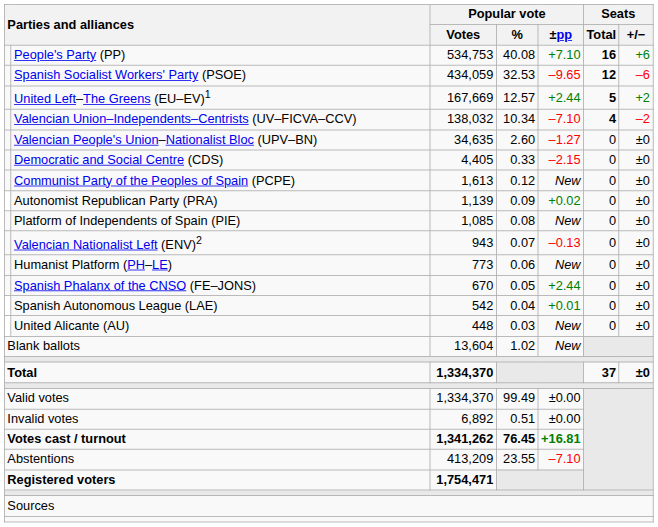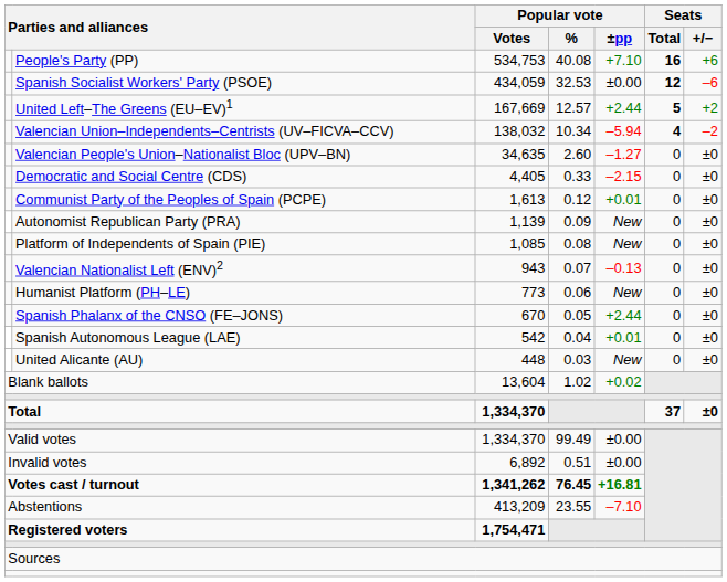 <table class="wikitable" style="text-align:right;">
 <tr>
 <th style="text-align:left;" rowspan="2" colspan="2" width="525">Parties and alliances</th>
 <th colspan="3">Popular vote</th>
 <th colspan="2">Seats</th>
 </tr>
 <tr>
 <th width="75">Votes</th>
 <th width="45">%</th>
 <th width="45">±<a href='#'>pp</a></th>
 <th width="35">Total</th>
 <th width="35">+/−</th>
 </tr>
 <tr>
 <td width="1" style="color:inherit;background:"></td>
 <td align="left"><a href='#'>People's Party</a> (PP)</td>
 <td>534,753</td>
 <td>40.08</td>
 <td style="color:green;">+7.10</td>
 <td><strong>16</strong></td>
 <td style="color:green;">+6</td>
 </tr>
 <tr>
 <td style="color:inherit;background:"></td>
 <td align="left"><a href='#'>Spanish Socialist Workers' Party</a> (PSOE)</td>
 <td>434,059</td>
 <td>32.53</td>
-<td style="color:red;">–9.65</td>
+<td>±0.00</td>
 <td><strong>12</strong></td>
 <td style="color:red;">–6</td>
 </tr>
 <tr>
 <td style="color:inherit;background:"></td>
 <td align="left"><a href='#'>United Left</a>–<a href='#'>The Greens</a> (EU–EV)<sup>1</sup></td>
 <td>167,669</td>
 <td>12.57</td>
 <td style="color:green;">+2.44</td>
 <td><strong>5</strong></td>
 <td style="color:green;">+2</td>
 </tr>
 <tr>
 <td style="color:inherit;background:"></td>
 <td align="left"><a href='#'>Valencian Union–Independents–Centrists</a> (UV–FICVA–CCV)</td>
 <td>138,032</td>
 <td>10.34</td>
-<td style="color:red;">–7.10</td>
+<td style="color:red;">–5.94</td>
 <td><strong>4</strong></td>
 <td style="color:red;">–2</td>
 </tr>
 <tr>
 <td style="color:inherit;background:"></td>
 <td align="left"><a href='#'>Valencian People's Union</a>–<a href='#'>Nationalist Bloc</a> (UPV–BN)</td>
 <td>34,635</td>
 <td>2.60</td>
 <td style="color:red;">–1.27</td>
 <td>0</td>
 <td>±0</td>
 </tr>
 <tr>
 <td style="color:inherit;background:"></td>
 <td align="left"><a href='#'>Democratic and Social Centre</a> (CDS)</td>
 <td>4,405</td>
 <td>0.33</td>
 <td style="color:red;">–2.15</td>
 <td>0</td>
 <td>±0</td>
 </tr>
 <tr>
 <td style="color:inherit;background:"></td>
 <td align="left"><a href='#'>Communist Party of the Peoples of Spain</a> (PCPE)</td>
 <td>1,613</td>
 <td>0.12</td>
-<td><em>New</em></td>
+<td style="color:green;">+0.01</td>
 <td>0</td>
 <td>±0</td>
 </tr>
 <tr>
 <td bgcolor="white"></td>
 <td align="left">Autonomist Republican Party (PRA)</td>
 <td>1,139</td>
 <td>0.09</td>
-<td style="color:green;">+0.02</td>
+<td><em>New</em></td>
 <td>0</td>
 <td>±0</td>
 </tr>
 <tr>
 <td style="color:inherit;background:"></td>
 <td align="left">Platform of Independents of Spain (PIE)</td>
 <td>1,085</td>
 <td>0.08</td>
 <td><em>New</em></td>
 <td>0</td>
 <td>±0</td>
 </tr>
 <tr>
 <td style="color:inherit;background:"></td>
 <td align="left"><a href='#'>Valencian Nationalist Left</a> (ENV)<sup>2</sup></td>
 <td>943</td>
 <td>0.07</td>
 <td style="color:red;">–0.13</td>
 <td>0</td>
 <td>±0</td>
 </tr>
 <tr>
 <td style="color:inherit;background:"></td>
 <td align="left">Humanist Platform (<a href='#'>PH</a>–<a href='#'>LE</a>)</td>
 <td>773</td>
 <td>0.06</td>
 <td><em>New</em></td>
 <td>0</td>
 <td>±0</td>
 </tr>
 <tr>
 <td style="color:inherit;background:"></td>
 <td align="left"><a href='#'>Spanish Phalanx of the CNSO</a> (FE–JONS)</td>
 <td>670</td>
 <td>0.05</td>
 <td style="color:green;">+2.44</td>
 <td>0</td>
 <td>±0</td>
 </tr>
 <tr>
 <td bgcolor="white"></td>
 <td align="left">Spanish Autonomous League (LAE)</td>
 <td>542</td>
 <td>0.04</td>
 <td style="color:green;">+0.01</td>
 <td>0</td>
 <td>±0</td>
 </tr>
 <tr>
 <td bgcolor="white"></td>
 <td align="left">United Alicante (AU)</td>
 <td>448</td>
 <td>0.03</td>
 <td><em>New</em></td>
 <td>0</td>
 <td>±0</td>
 </tr>
 <tr>
 <td align="left" colspan="2">Blank ballots</td>
 <td>13,604</td>
 <td>1.02</td>
-<td><em>New</em></td>
+<td style="color:green;">+0.02</td>
 <td bgcolor="#E9E9E9" colspan="2"></td>
 </tr>
 <tr>
 <td colspan="7" bgcolor="#E9E9E9"></td>
 </tr>
 <tr style="font-weight:bold;">
 <td align="left" colspan="2">Total</td>
 <td>1,334,370</td>
 <td bgcolor="#E9E9E9" colspan="2"></td>
 <td>37</td>
 <td>±0</td>
 </tr>
 <tr>
 <td colspan="7" bgcolor="#E9E9E9"></td>
 </tr>
 <tr>
 <td align="left" colspan="2">Valid votes</td>
 <td>1,334,370</td>
 <td>99.49</td>
 <td>±0.00</td>
 <td bgcolor="#E9E9E9" colspan="2" rowspan="5"></td>
 </tr>
 <tr>
 <td align="left" colspan="2">Invalid votes</td>
 <td>6,892</td>
 <td>0.51</td>
 <td>±0.00</td>
 </tr>
 <tr style="font-weight:bold;">
 <td align="left" colspan="2">Votes cast / turnout</td>
 <td>1,341,262</td>
 <td>76.45</td>
 <td style="color:green;">+16.81</td>
 </tr>
 <tr>
 <td align="left" colspan="2">Abstentions</td>
 <td>413,209</td>
 <td>23.55</td>
 <td style="color:red;">–7.10</td>
 </tr>
 <tr style="font-weight:bold;">
 <td align="left" colspan="2">Registered voters</td>
 <td>1,754,471</td>
 <td bgcolor="#E9E9E9" colspan="2"></td>
 </tr>
 <tr>
 <td colspan="7" bgcolor="#E9E9E9"></td>
 </tr>
 <tr>
 <td align="left" colspan="7">Sources</td>
 </tr>
 <tr>
 <td colspan="7" style="text-align:left; max-width:790px;"></td>
 </tr>
 </table>
